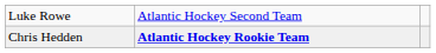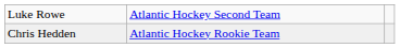 <table class="wikitable" width=40%>
 <tr>
 <td>Luke Rowe</td>
 <td rowspan=1><a href='#'>Atlantic Hockey Second Team</a></td>
 <td rowspan=1></td>
 </tr>
 <tr bgcolor=f0f0f0>
 <td>Chris Hedden</td>
-<td rowspan=1><strong><a href='#'>Atlantic Hockey Rookie Team</a></strong></td>
+<td rowspan=1><a href='#'>Atlantic Hockey Rookie Team</a></td>
 <td rowspan=1></td>
 </tr>
 </table>
